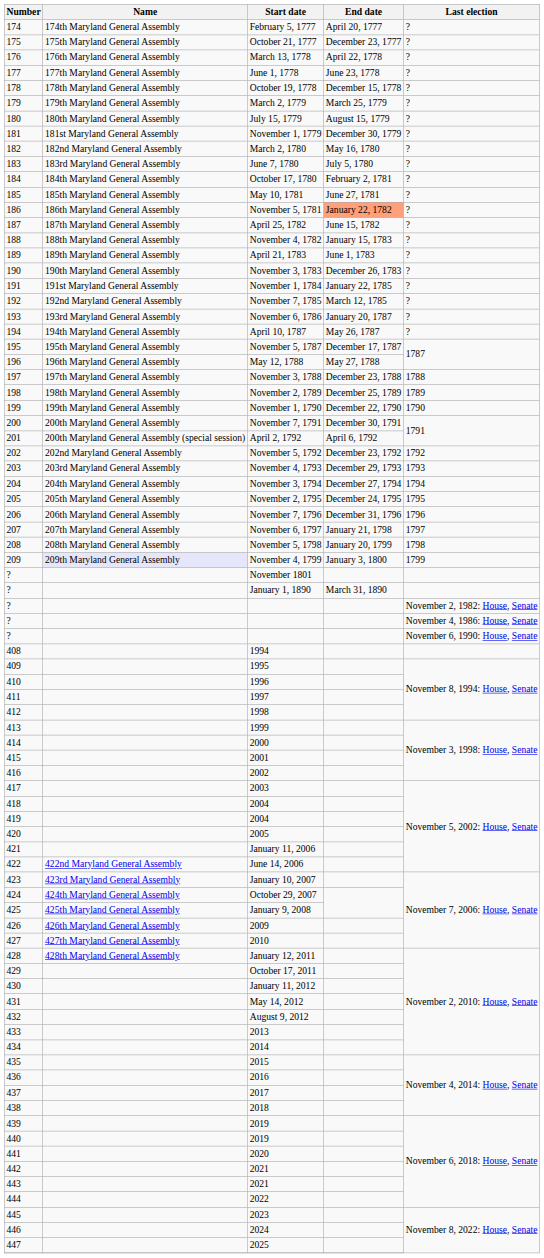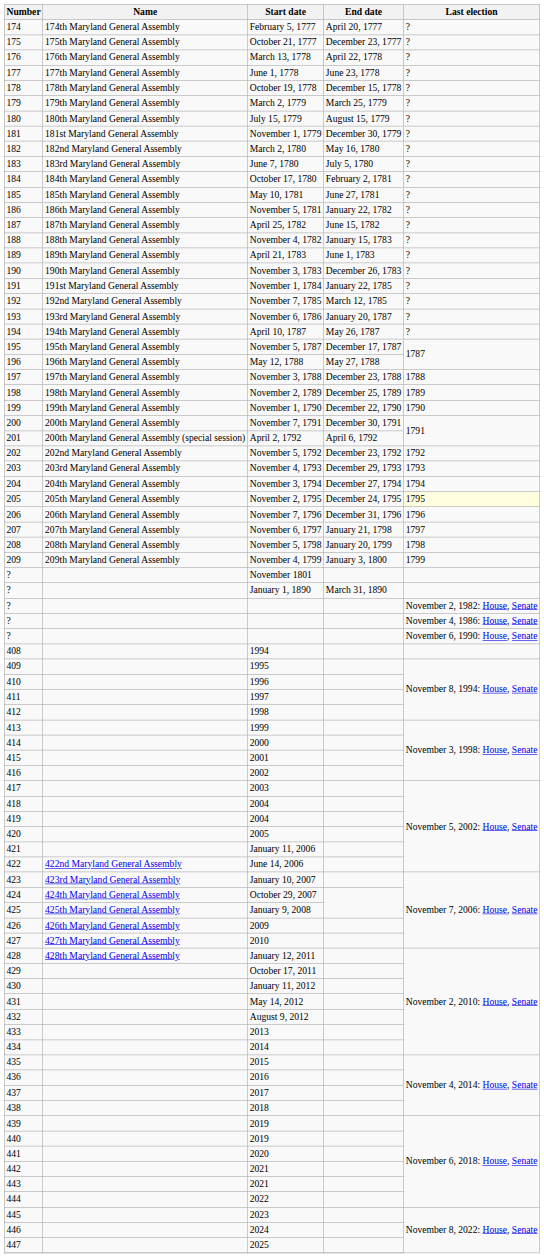 <table class="wikitable mw-datatable sticky-header">
 <tr>
 <th>Number</th>
 <th>Name</th>
 <th>Start date</th>
 <th>End date</th>
 <th>Last election</th>
 </tr>
 <tr>
 <td>174</td>
 <td>174th Maryland General Assembly</td>
 <td>February 5, 1777</td>
 <td>April 20, 1777</td>
 <td>?</td>
 </tr>
 <tr>
 <td>175</td>
 <td>175th Maryland General Assembly</td>
 <td>October 21, 1777</td>
 <td>December 23, 1777</td>
 <td>?</td>
 </tr>
 <tr>
 <td>176</td>
 <td>176th Maryland General Assembly</td>
 <td>March 13, 1778</td>
 <td>April 22, 1778</td>
 <td>?</td>
 </tr>
 <tr>
 <td>177</td>
 <td>177th Maryland General Assembly</td>
 <td>June 1, 1778</td>
 <td>June 23, 1778</td>
 <td>?</td>
 </tr>
 <tr>
 <td>178</td>
 <td>178th Maryland General Assembly</td>
 <td>October 19, 1778</td>
 <td>December 15, 1778</td>
 <td>?</td>
 </tr>
 <tr>
 <td>179</td>
 <td>179th Maryland General Assembly</td>
 <td>March 2, 1779</td>
 <td>March 25, 1779</td>
 <td>?</td>
 </tr>
 <tr>
 <td>180</td>
 <td>180th Maryland General Assembly</td>
 <td>July 15, 1779</td>
 <td>August 15, 1779</td>
 <td>?</td>
 </tr>
 <tr>
 <td>181</td>
 <td>181st Maryland General Assembly</td>
 <td>November 1, 1779</td>
 <td>December 30, 1779</td>
 <td>?</td>
 </tr>
 <tr>
 <td>182</td>
 <td>182nd Maryland General Assembly</td>
 <td>March 2, 1780</td>
 <td>May 16, 1780</td>
 <td>?</td>
 </tr>
 <tr>
 <td>183</td>
 <td>183rd Maryland General Assembly</td>
 <td>June 7, 1780</td>
 <td>July 5, 1780</td>
 <td>?</td>
 </tr>
 <tr>
 <td>184</td>
 <td>184th Maryland General Assembly</td>
 <td>October 17, 1780</td>
 <td>February 2, 1781</td>
 <td>?</td>
 </tr>
 <tr>
 <td>185</td>
 <td>185th Maryland General Assembly</td>
 <td>May 10, 1781</td>
 <td>June 27, 1781</td>
 <td>?</td>
 </tr>
 <tr>
 <td>186</td>
 <td>186th Maryland General Assembly</td>
 <td>November 5, 1781</td>
-<td style="background: lightsalmon;">January 22, 1782</td>
+<td>January 22, 1782</td>
 <td>?</td>
 </tr>
 <tr>
 <td>187</td>
 <td>187th Maryland General Assembly</td>
 <td>April 25, 1782</td>
 <td>June 15, 1782</td>
 <td>?</td>
 </tr>
 <tr>
 <td>188</td>
 <td>188th Maryland General Assembly</td>
 <td>November 4, 1782</td>
 <td>January 15, 1783</td>
 <td>?</td>
 </tr>
 <tr>
 <td>189</td>
 <td>189th Maryland General Assembly</td>
 <td>April 21, 1783</td>
 <td>June 1, 1783</td>
 <td>?</td>
 </tr>
 <tr>
 <td>190</td>
 <td>190th Maryland General Assembly</td>
 <td>November 3, 1783</td>
 <td>December 26, 1783</td>
 <td>?</td>
 </tr>
 <tr>
 <td>191</td>
 <td>191st Maryland General Assembly</td>
 <td>November 1, 1784</td>
 <td>January 22, 1785</td>
 <td>?</td>
 </tr>
 <tr>
 <td>192</td>
 <td>192nd Maryland General Assembly</td>
 <td>November 7, 1785</td>
 <td>March 12, 1785</td>
 <td>?</td>
 </tr>
 <tr>
 <td>193</td>
 <td>193rd Maryland General Assembly</td>
 <td>November 6, 1786</td>
 <td>January 20, 1787</td>
 <td>?</td>
 </tr>
 <tr>
 <td>194</td>
 <td>194th Maryland General Assembly</td>
 <td>April 10, 1787</td>
 <td>May 26, 1787</td>
 <td>?</td>
 </tr>
 <tr>
 <td>195</td>
 <td>195th Maryland General Assembly</td>
 <td>November 5, 1787</td>
 <td>December 17, 1787</td>
 <td rowspan=2>1787</td>
 </tr>
 <tr>
 <td>196</td>
 <td>196th Maryland General Assembly</td>
 <td>May 12, 1788</td>
 <td>May 27, 1788</td>
 </tr>
 <tr>
 <td>197</td>
 <td>197th Maryland General Assembly</td>
 <td>November 3, 1788</td>
 <td>December 23, 1788</td>
 <td>1788</td>
 </tr>
 <tr>
 <td>198</td>
 <td>198th Maryland General Assembly</td>
 <td>November 2, 1789</td>
 <td>December 25, 1789</td>
 <td>1789</td>
 </tr>
 <tr>
 <td>199</td>
 <td>199th Maryland General Assembly</td>
 <td>November 1, 1790</td>
 <td>December 22, 1790</td>
 <td>1790</td>
 </tr>
 <tr>
 <td>200</td>
 <td>200th Maryland General Assembly</td>
 <td>November 7, 1791</td>
 <td>December 30, 1791</td>
 <td rowspan=2>1791</td>
 </tr>
 <tr>
 <td>201</td>
 <td>200th Maryland General Assembly (special session)</td>
 <td>April 2, 1792</td>
 <td>April 6, 1792</td>
 </tr>
 <tr>
 <td>202</td>
 <td>202nd Maryland General Assembly</td>
 <td>November 5, 1792</td>
 <td>December 23, 1792</td>
 <td>1792</td>
 </tr>
 <tr>
 <td>203</td>
 <td>203rd Maryland General Assembly</td>
 <td>November 4, 1793</td>
 <td>December 29, 1793</td>
 <td>1793</td>
 </tr>
 <tr>
 <td>204</td>
 <td>204th Maryland General Assembly</td>
 <td>November 3, 1794</td>
 <td>December 27, 1794</td>
 <td>1794</td>
 </tr>
 <tr>
 <td>205</td>
 <td>205th Maryland General Assembly</td>
 <td>November 2, 1795</td>
 <td>December 24, 1795</td>
-<td>1795</td>
+<td style="background: lightyellow;">1795</td>
 </tr>
 <tr>
 <td>206</td>
 <td>206th Maryland General Assembly</td>
 <td>November 7, 1796</td>
 <td>December 31, 1796</td>
 <td>1796</td>
 </tr>
 <tr>
 <td>207</td>
 <td>207th Maryland General Assembly</td>
 <td>November 6, 1797</td>
 <td>January 21, 1798</td>
 <td>1797</td>
 </tr>
 <tr>
 <td>208</td>
 <td>208th Maryland General Assembly</td>
 <td>November 5, 1798</td>
 <td>January 20, 1799</td>
 <td>1798</td>
 </tr>
 <tr>
 <td>209</td>
-<td style="background: lavender;">209th Maryland General Assembly</td>
+<td>209th Maryland General Assembly</td>
 <td>November 4, 1799</td>
 <td>January 3, 1800</td>
 <td>1799</td>
 </tr>
 <tr>
 <td>?</td>
 <td></td>
 <td>November 1801</td>
 <td></td>
 <td></td>
 </tr>
 <tr>
 <td>?</td>
 <td></td>
 <td>January 1, 1890</td>
 <td>March 31, 1890</td>
 <td></td>
 </tr>
 <tr>
 <td>?</td>
 <td></td>
 <td></td>
 <td></td>
 <td>November 2, 1982: <a href='#'>House</a>, <a href='#'>Senate</a></td>
 </tr>
 <tr>
 <td>?</td>
 <td></td>
 <td></td>
 <td></td>
 <td>November 4, 1986: <a href='#'>House</a>, <a href='#'>Senate</a></td>
 </tr>
 <tr>
 <td>?</td>
 <td></td>
 <td></td>
 <td></td>
 <td>November 6, 1990: <a href='#'>House</a>, <a href='#'>Senate</a></td>
 </tr>
 <tr>
 <td>408</td>
 <td></td>
 <td>1994</td>
 <td></td>
 <td></td>
 </tr>
 <tr>
 <td>409</td>
 <td></td>
 <td>1995</td>
 <td></td>
 <td rowspan=4>November 8, 1994: <a href='#'>House</a>, <a href='#'>Senate</a></td>
 </tr>
 <tr>
 <td>410</td>
 <td></td>
 <td>1996</td>
 <td></td>
 </tr>
 <tr>
 <td>411</td>
 <td></td>
 <td>1997</td>
 <td></td>
 </tr>
 <tr>
 <td>412</td>
 <td></td>
 <td>1998</td>
 <td></td>
 </tr>
 <tr>
 <td>413</td>
 <td></td>
 <td>1999</td>
 <td></td>
 <td rowspan="4">November 3, 1998: <a href='#'>House</a>, <a href='#'>Senate</a></td>
 </tr>
 <tr>
 <td>414</td>
 <td></td>
 <td>2000</td>
 <td></td>
 </tr>
 <tr>
 <td>415</td>
 <td></td>
 <td>2001</td>
 <td></td>
 </tr>
 <tr>
 <td>416</td>
 <td></td>
 <td>2002</td>
 <td></td>
 </tr>
 <tr>
 <td>417</td>
 <td></td>
 <td>2003</td>
 <td></td>
 <td rowspan=6>November 5, 2002: <a href='#'>House</a>, <a href='#'>Senate</a></td>
 </tr>
 <tr>
 <td>418</td>
 <td></td>
 <td>2004</td>
 <td></td>
 </tr>
 <tr>
 <td>419</td>
 <td></td>
 <td>2004</td>
 <td></td>
 </tr>
 <tr>
 <td>420</td>
 <td></td>
 <td>2005</td>
 <td></td>
 </tr>
 <tr>
 <td>421</td>
 <td></td>
 <td>January 11, 2006</td>
 <td></td>
 </tr>
 <tr>
 <td>422</td>
 <td><a href='#'>422nd Maryland General Assembly</a></td>
 <td>June 14, 2006</td>
 <td></td>
 </tr>
 <tr>
 <td>423</td>
 <td><a href='#'>423rd Maryland General Assembly</a></td>
 <td>January 10, 2007</td>
 <td></td>
 <td rowspan=5>November 7, 2006: <a href='#'>House</a>, <a href='#'>Senate</a></td>
 </tr>
 <tr>
 <td>424</td>
 <td><a href='#'>424th Maryland General Assembly</a></td>
 <td>October 29, 2007</td>
 </tr>
 <tr>
 <td>425</td>
 <td><a href='#'>425th Maryland General Assembly</a></td>
 <td>January 9, 2008</td>
 </tr>
 <tr>
 <td>426</td>
 <td><a href='#'>426th Maryland General Assembly</a></td>
 <td>2009</td>
 <td></td>
 </tr>
 <tr>
 <td>427</td>
 <td><a href='#'>427th Maryland General Assembly</a></td>
 <td>2010</td>
 <td></td>
 </tr>
 <tr>
 <td>428</td>
 <td><a href='#'>428th Maryland General Assembly</a></td>
 <td>January 12, 2011</td>
 <td></td>
 <td rowspan=7>November 2, 2010: <a href='#'>House</a>, <a href='#'>Senate</a></td>
 </tr>
 <tr>
 <td>429</td>
 <td></td>
 <td>October 17, 2011</td>
 <td></td>
 </tr>
 <tr>
 <td>430</td>
 <td></td>
 <td>January 11, 2012</td>
 <td></td>
 </tr>
 <tr>
 <td>431</td>
 <td></td>
 <td>May 14, 2012</td>
 <td></td>
 </tr>
 <tr>
 <td>432</td>
 <td></td>
 <td>August 9, 2012</td>
 <td></td>
 </tr>
 <tr>
 <td>433</td>
 <td></td>
 <td>2013</td>
 <td></td>
 </tr>
 <tr>
 <td>434</td>
 <td></td>
 <td>2014</td>
 <td></td>
 </tr>
 <tr>
 <td>435</td>
 <td></td>
 <td>2015</td>
 <td></td>
 <td rowspan=4>November 4, 2014: <a href='#'>House</a>, <a href='#'>Senate</a></td>
 </tr>
 <tr>
 <td>436</td>
 <td></td>
 <td>2016</td>
 <td></td>
 </tr>
 <tr>
 <td>437</td>
 <td></td>
 <td>2017</td>
 <td></td>
 </tr>
 <tr>
 <td>438</td>
 <td></td>
 <td>2018</td>
 <td></td>
 </tr>
 <tr>
 <td>439</td>
 <td></td>
 <td>2019</td>
 <td></td>
 <td rowspan=6>November 6, 2018: <a href='#'>House</a>, <a href='#'>Senate</a></td>
 </tr>
 <tr>
 <td>440</td>
 <td></td>
 <td>2019</td>
 <td></td>
 </tr>
 <tr>
 <td>441</td>
 <td></td>
 <td>2020</td>
 <td></td>
 </tr>
 <tr>
 <td>442</td>
 <td></td>
 <td>2021</td>
 <td></td>
 </tr>
 <tr>
 <td>443</td>
 <td></td>
 <td>2021</td>
 <td></td>
 </tr>
 <tr>
 <td>444</td>
 <td></td>
 <td>2022</td>
 <td></td>
 </tr>
 <tr>
 <td>445</td>
 <td></td>
 <td>2023</td>
 <td></td>
 <td rowspan=4>November 8, 2022: <a href='#'>House</a>, <a href='#'>Senate</a></td>
 </tr>
 <tr>
 <td>446</td>
 <td></td>
 <td>2024</td>
 <td></td>
 </tr>
 <tr>
 <td>447</td>
 <td></td>
 <td>2025</td>
 <td></td>
 </tr>
 <tr>
 </tr>
 </table>
